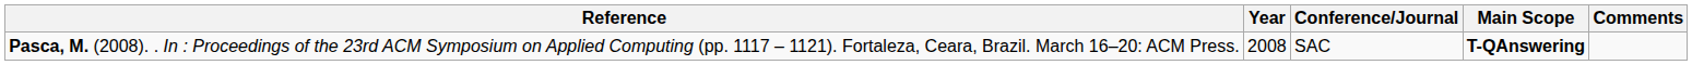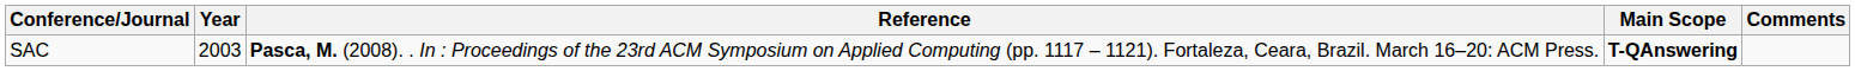 <table class="wikitable sortable">
 <tr>
+<th>Conference/Journal</th>
+<th>Year</th>
 <th>Reference</th>
-<th>Year</th>
-<th>Conference/Journal</th>
 <th>Main Scope</th>
 <th>Comments</th>
 </tr>
 <tr>
+<td>SAC</td>
+<td>2003</td>
 <td><strong>Pasca, M.</strong> (2008). . <em>In : Proceedings of the 23rd ACM Symposium on Applied Computing</em> (pp. 1117 – 1121). Fortaleza, Ceara, Brazil. March 16–20: ACM Press.</td>
-<td>2008</td>
-<td>SAC</td>
 <td><strong>T-QAnswering</strong></td>
 <td></td>
 </tr>
 </table>
